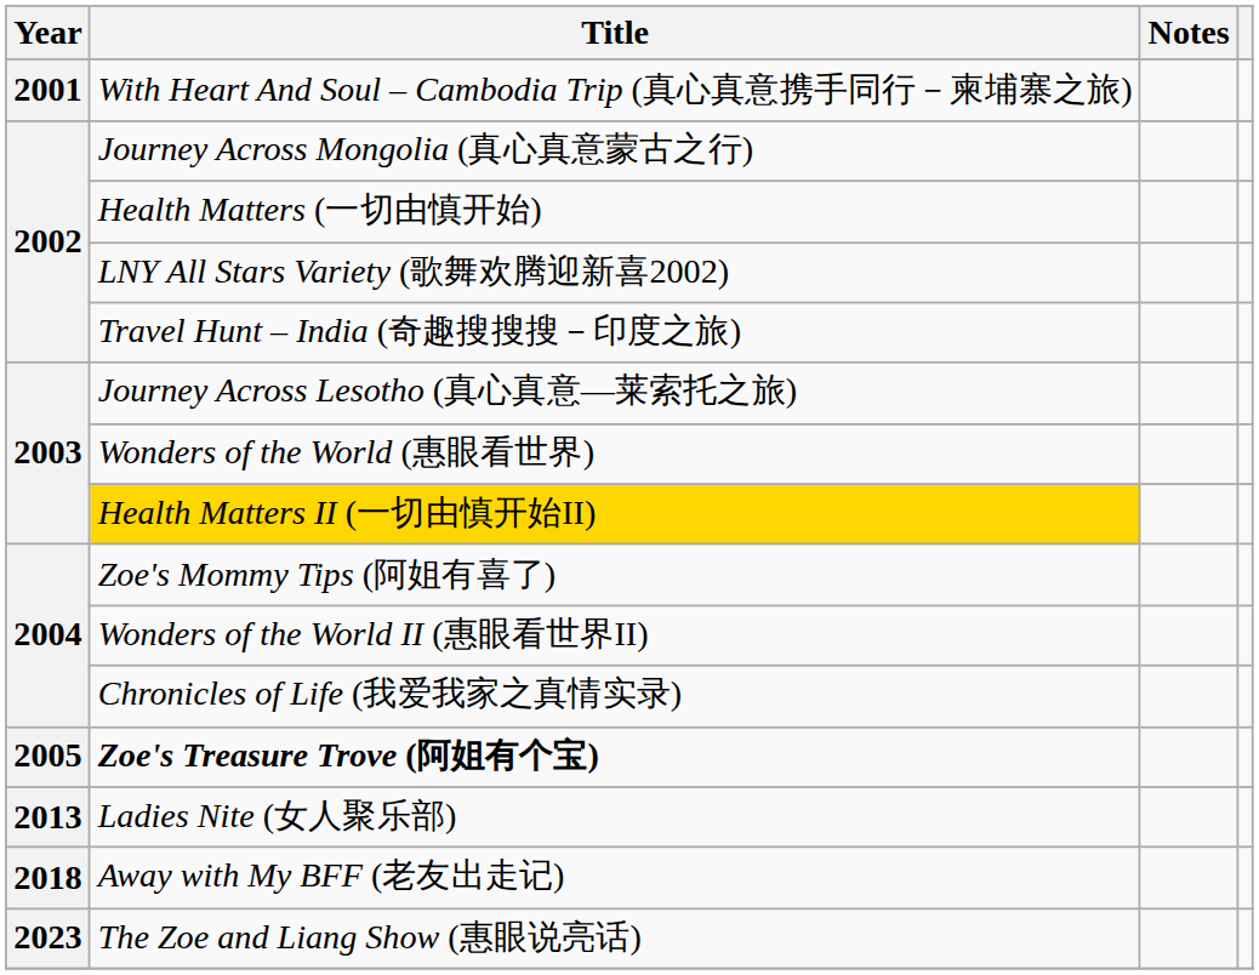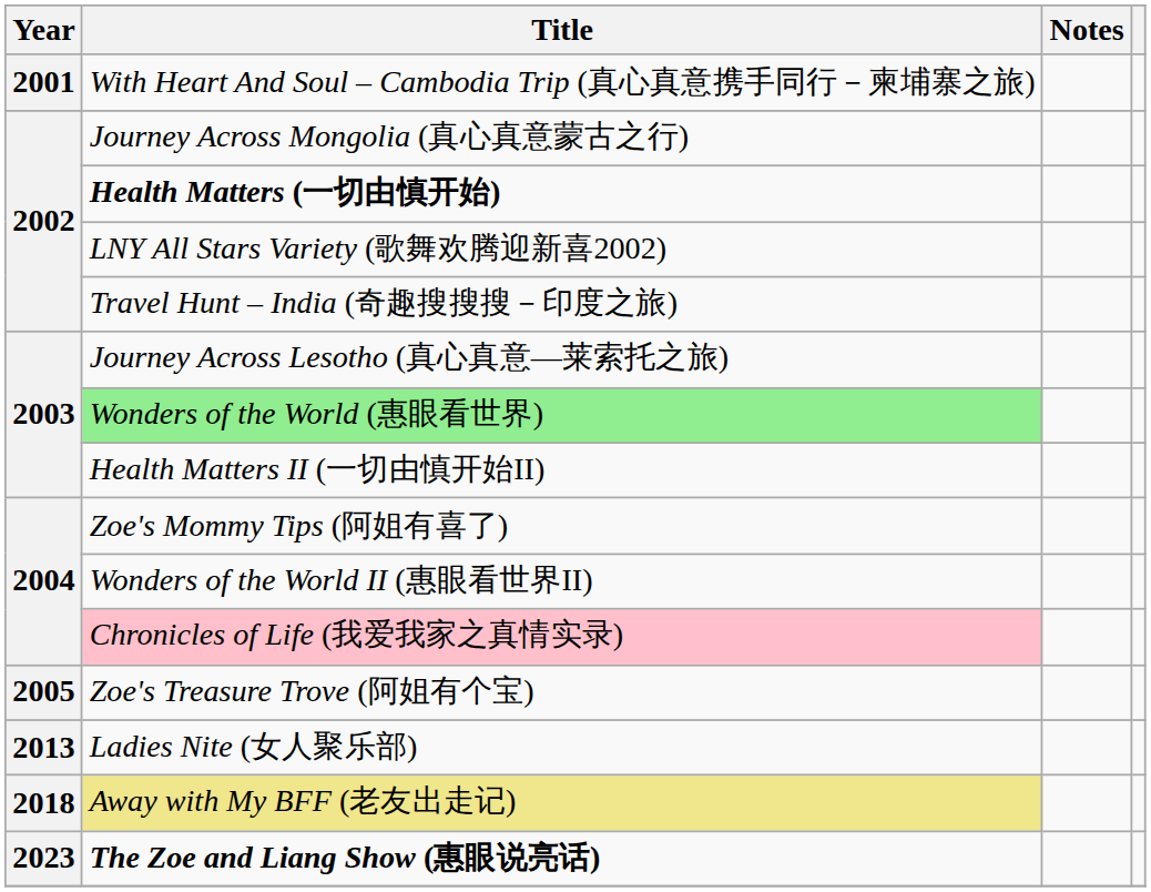 <table class="wikitable sortable plainrowheaders">
 <tr>
 <th scope="col">Year</th>
 <th scope="col">Title</th>
 <th scope="col" class="unsortable">Notes</th>
 <th scope="col" class="unsortable"></th>
 </tr>
 <tr>
 <th scope="row">2001</th>
 <td><em>With Heart And Soul – Cambodia Trip</em> (真心真意携手同行－柬埔寨之旅)</td>
 <td></td>
 <td></td>
 </tr>
 <tr>
 <th scope="row" rowspan="4">2002</th>
 <td><em>Journey Across Mongolia</em> (真心真意蒙古之行)</td>
 <td></td>
 <td></td>
 </tr>
 <tr>
-<td><em>Health Matters</em> (一切由慎开始)</td>
+<td><strong><em>Health Matters</em> (一切由慎开始)</strong></td>
 <td></td>
 <td></td>
 </tr>
 <tr>
 <td><em>LNY All Stars Variety</em> (歌舞欢腾迎新喜2002)</td>
 <td></td>
 <td></td>
 </tr>
 <tr>
 <td><em>Travel Hunt – India</em> (奇趣搜搜搜－印度之旅)</td>
 <td></td>
 <td></td>
 </tr>
 <tr>
 <th scope="row" rowspan="3">2003</th>
 <td><em>Journey Across Lesotho</em> (真心真意—莱索托之旅)</td>
 <td></td>
 <td></td>
 </tr>
 <tr>
-<td><em>Wonders of the World</em> (惠眼看世界)</td>
+<td style="background: lightgreen;"><em>Wonders of the World</em> (惠眼看世界)</td>
 <td></td>
 <td></td>
 </tr>
 <tr>
-<td style="background: gold;"><em>Health Matters II</em> (一切由慎开始II)</td>
+<td><em>Health Matters II</em> (一切由慎开始II)</td>
 <td></td>
 <td></td>
 </tr>
 <tr>
 <th scope="row" rowspan="3">2004</th>
 <td><em>Zoe's Mommy Tips</em> (阿姐有喜了)</td>
 <td></td>
 <td></td>
 </tr>
 <tr>
 <td><em>Wonders of the World II</em> (惠眼看世界II)</td>
 <td></td>
 <td></td>
 </tr>
 <tr>
-<td><em>Chronicles of Life</em> (我爱我家之真情实录)</td>
+<td style="background: pink;"><em>Chronicles of Life</em> (我爱我家之真情实录)</td>
 <td></td>
 <td></td>
 </tr>
 <tr>
 <th scope="row">2005</th>
-<td><strong><em>Zoe's Treasure Trove</em> (阿姐有个宝)</strong></td>
+<td><em>Zoe's Treasure Trove</em> (阿姐有个宝)</td>
 <td></td>
 <td></td>
 </tr>
 <tr>
 <th scope="row">2013</th>
 <td><em>Ladies Nite</em> (女人聚乐部)</td>
 <td></td>
 <td></td>
 </tr>
 <tr>
 <th scope="row">2018</th>
-<td><em>Away with My BFF</em> (老友出走记)</td>
+<td style="background: khaki;"><em>Away with My BFF</em> (老友出走记)</td>
 <td></td>
 <td></td>
 </tr>
 <tr>
 <th scope="row">2023</th>
-<td><em>The Zoe and Liang Show</em> (惠眼说亮话)</td>
+<td><strong><em>The Zoe and Liang Show</em> (惠眼说亮话)</strong></td>
 <td></td>
 <td></td>
 </tr>
 <tr>
 </tr>
 </table>
